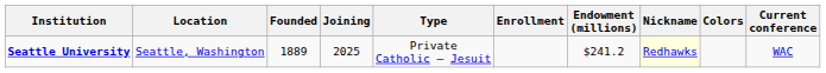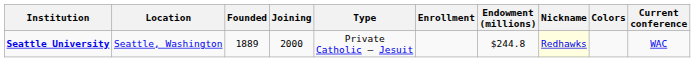 <table class="wikitable sortable" style="text-align:center" |>
 <tr>
 <th width=px>Institution</th>
 <th width=px>Location</th>
 <th width=px>Founded</th>
 <th width=px>Joining</th>
 <th width=px>Type</th>
 <th width=px>Enrollment</th>
 <th width=px>Endowment<br>(millions)</th>
 <th width=px>Nickname</th>
 <th class="unsortable" ! width=px>Colors</th>
 <th width=px>Current<br>conference</th>
 </tr>
 <tr>
 <td><strong><a href='#'>Seattle University</a></strong></td>
 <td><a href='#'>Seattle, Washington</a></td>
 <td>1889</td>
-<td>2025</td>
+<td>2000</td>
 <td>Private<br><a href='#'>Catholic</a> – <a href='#'>Jesuit</a></td>
 <td></td>
-<td>$241.2</td>
+<td>$244.8</td>
 <td style="background: lightyellow;"><a href='#'>Redhawks</a></td>
 <td></td>
 <td><a href='#'>WAC</a></td>
 </tr>
 </table>
